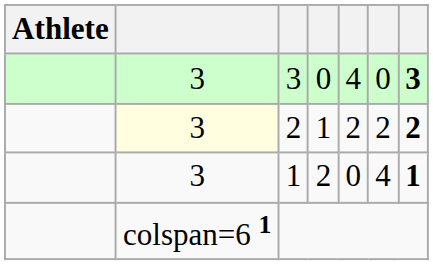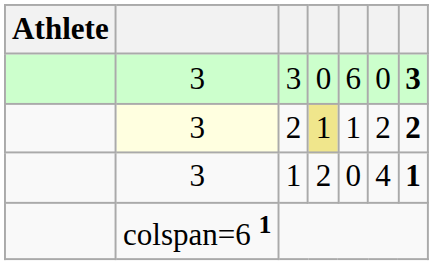 <table class=wikitable style="text-align:center">
 <tr>
 <th>Athlete</th>
 <th></th>
 <th></th>
 <th></th>
 <th></th>
 <th></th>
 <th></th>
 </tr>
 <tr bgcolor=ccffcc>
 <td style="text-align:left"></td>
 <td>3</td>
 <td>3</td>
 <td>0</td>
-<td>4</td>
+<td>6</td>
 <td>0</td>
 <td><strong>3</strong></td>
 </tr>
 <tr>
 <td style="text-align:left"></td>
 <td style="background: lightyellow;">3</td>
 <td>2</td>
+<td style="background: khaki;">1</td>
 <td>1</td>
-<td>2</td>
 <td>2</td>
 <td><strong>2</strong></td>
 </tr>
 <tr>
 <td style="text-align:left"></td>
 <td>3</td>
 <td>1</td>
 <td>2</td>
 <td>0</td>
 <td>4</td>
 <td><strong>1</strong></td>
 </tr>
 <tr>
 <td style="text-align:left"></td>
 <td>colspan=6   <sup><strong>1</strong></sup></td>
 </tr>
 </table>
